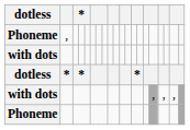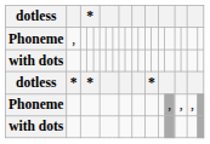 <table class="wikitable" style="text-align:center;">
 <tr>
 <th>dotless</th>
 <th></th>
 <th colspan="3">*</th>
 <th colspan="3"></th>
 <th colspan="2"></th>
 <th colspan="2"></th>
 <th colspan="2"></th>
 <th colspan="2"></th>
 <th colspan="2"></th>
 <th colspan="2"></th>
 </tr>
 <tr>
 <th>Phoneme</th>
 <td>, </td>
 <td></td>
 <td></td>
 <td></td>
 <td></td>
 <td></td>
 <td></td>
 <td></td>
 <td></td>
 <td></td>
 <td></td>
 <td></td>
 <td></td>
 <td></td>
 <td></td>
 <td></td>
 <td></td>
 <td></td>
 <td></td>
 </tr>
 <tr>
 <th>with dots</th>
 <td></td>
 <td></td>
 <td></td>
 <td></td>
 <td></td>
 <td></td>
 <td></td>
 <td></td>
 <td></td>
 <td></td>
 <td></td>
 <td></td>
 <td></td>
 <td></td>
 <td></td>
 <td></td>
 <td></td>
 <td></td>
 <td></td>
 </tr>
 <tr>
 <th>dotless</th>
 <th>*</th>
 <th colspan="3">*</th>
 <th colspan="3"></th>
 <th colspan="2"></th>
 <th colspan="2"></th>
 <th colspan="2">*</th>
 <th colspan="2"></th>
 <th colspan="2"></th>
 <th colspan="2"></th>
 </tr>
 <tr>
-<th>with dots</th>
+<th>Phoneme</th>
 <td></td>
 <td colspan="3"></td>
 <td colspan="3"></td>
 <td colspan="2"></td>
 <td colspan="2"></td>
 <td colspan="2"></td>
 <td></td>
 <td colspan="1" bgcolor="darkgrey">, </td>
 <td colspan="2">, </td>
 <td>, </td>
 <td colspan="1" bgcolor="darkgrey"></td>
 </tr>
 <tr>
-<th>Phoneme</th>
+<th>with dots</th>
 <td></td>
 <td colspan="3"></td>
 <td colspan="3"></td>
 <td colspan="2"></td>
 <td colspan="2"></td>
 <td colspan="2"></td>
 <td></td>
 <td colspan="1" bgcolor="darkgrey"></td>
 <td colspan="2"></td>
 <td colspan="1"></td>
 <td colspan="1" bgcolor="darkgrey"></td>
 </tr>
 </table>
